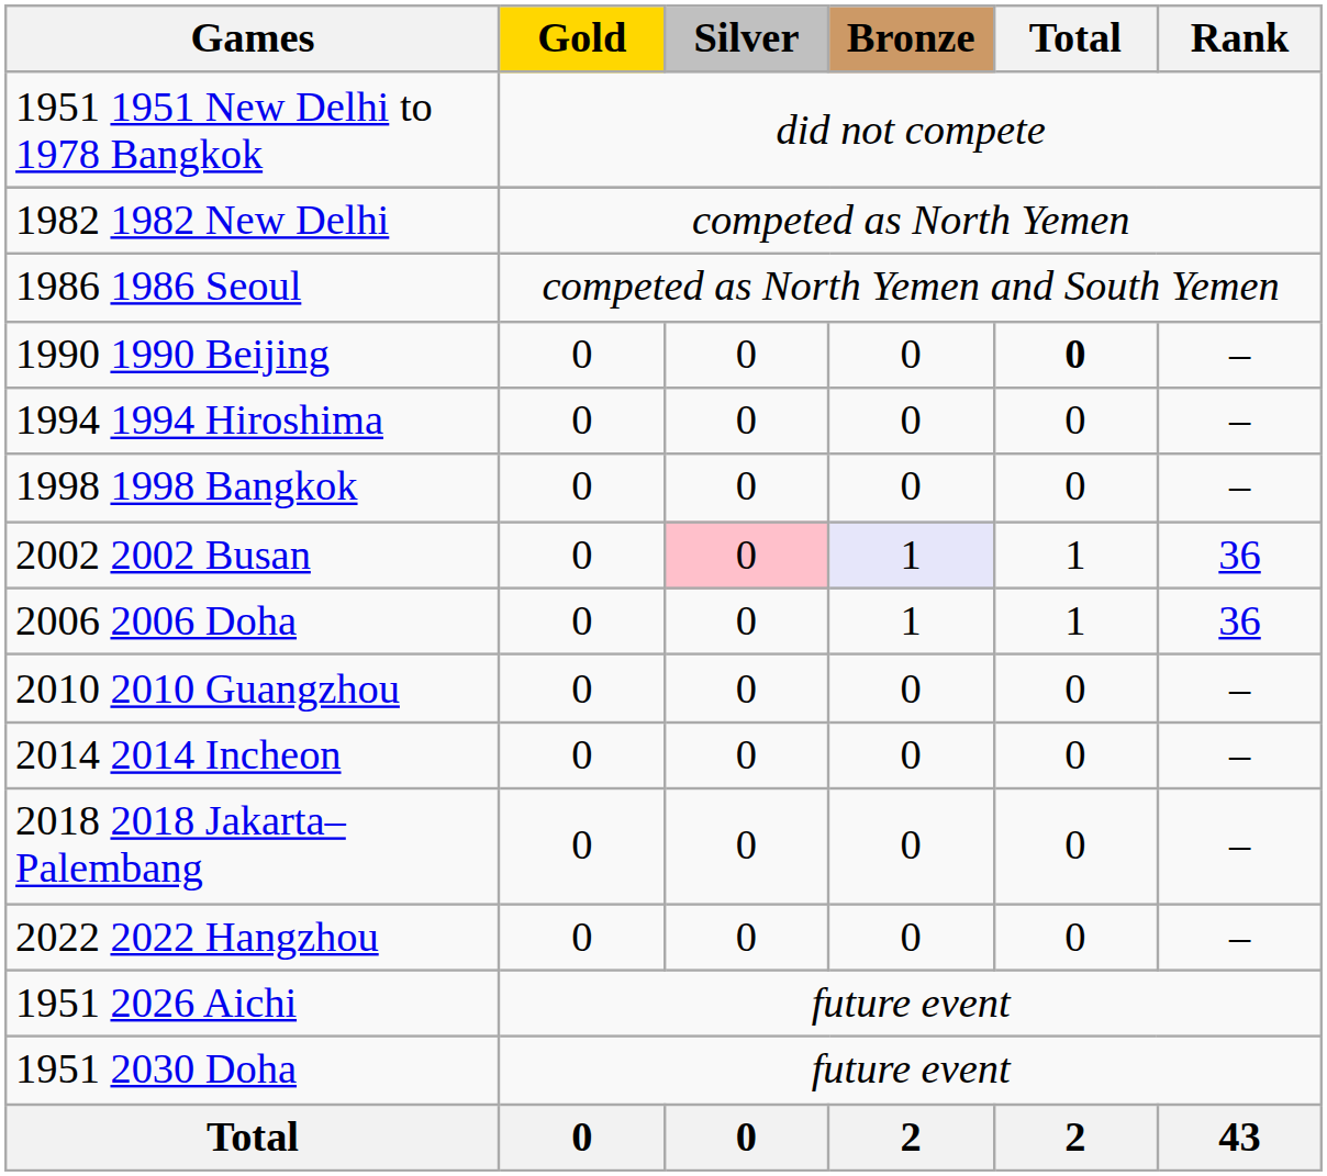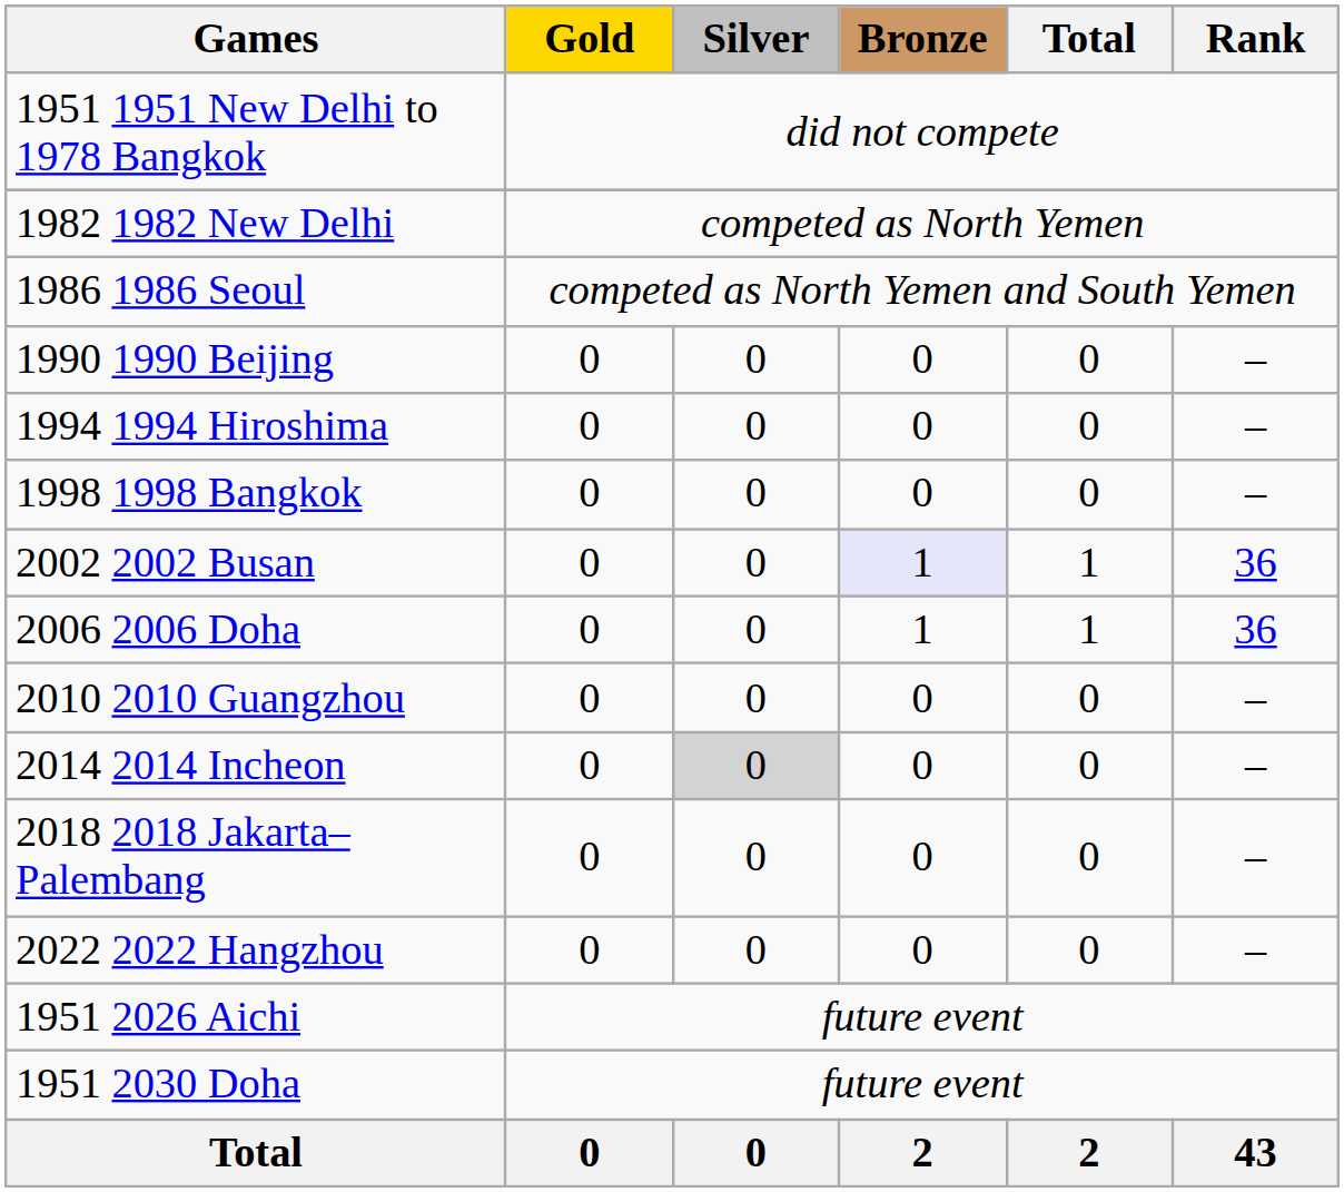 <table class="wikitable sortable" style="text-align:center;">
 <tr>
 <th width=180>Games</th>
 <th scope="col" style="background:gold; width:55px;">Gold</th>
 <th scope="col" style="background:silver; width:55px;">Silver</th>
 <th scope="col" style="background:#cc9966; width:55px;">Bronze</th>
 <th width=55>Total</th>
 <th width=55>Rank</th>
 </tr>
 <tr>
 <td align=left><span>1951</span> <a href='#'>1951 New Delhi</a> to  <a href='#'>1978 Bangkok</a></td>
 <td colspan=5><em>did not compete</em></td>
 </tr>
 <tr class="sortbottom">
 </tr>
 <tr>
 <td align=left><span>1982</span> <a href='#'>1982 New Delhi</a></td>
 <td colspan=5><em>competed as  North Yemen</em></td>
 </tr>
 <tr>
 <td align=left><span>1986</span> <a href='#'>1986 Seoul</a></td>
 <td colspan=5><em>competed as  North Yemen and  South Yemen</em></td>
 </tr>
 <tr>
 <td align=left><span>1990</span> <a href='#'>1990 Beijing</a></td>
 <td>0</td>
 <td>0</td>
 <td>0</td>
-<td><strong>0</strong></td>
+<td>0</td>
 <td>–</td>
 </tr>
 <tr>
 <td align=left><span>1994</span> <a href='#'>1994 Hiroshima</a></td>
 <td>0</td>
 <td>0</td>
 <td>0</td>
 <td>0</td>
 <td>–</td>
 </tr>
 <tr>
 <td align=left><span>1998</span> <a href='#'>1998 Bangkok</a></td>
 <td>0</td>
 <td>0</td>
 <td>0</td>
 <td>0</td>
 <td>–</td>
 </tr>
 <tr>
 <td align=left><span>2002</span> <a href='#'>2002 Busan</a></td>
 <td>0</td>
-<td style="background: pink;">0</td>
+<td>0</td>
 <td style="background: lavender;">1</td>
 <td>1</td>
 <td><a href='#'>36</a></td>
 </tr>
 <tr>
 <td align=left><span>2006</span> <a href='#'>2006 Doha</a></td>
 <td>0</td>
 <td>0</td>
 <td>1</td>
 <td>1</td>
 <td><a href='#'>36</a></td>
 </tr>
 <tr>
 <td align=left><span>2010</span> <a href='#'>2010 Guangzhou</a></td>
 <td>0</td>
 <td>0</td>
 <td>0</td>
 <td>0</td>
 <td>–</td>
 </tr>
 <tr>
 <td align=left><span>2014</span> <a href='#'>2014 Incheon</a></td>
 <td>0</td>
-<td>0</td>
+<td style="background: lightgrey;">0</td>
 <td>0</td>
 <td>0</td>
 <td>–</td>
 </tr>
 <tr>
 <td align=left><span>2018</span> <a href='#'>2018 Jakarta–Palembang</a></td>
 <td>0</td>
 <td>0</td>
 <td>0</td>
 <td>0</td>
 <td>–</td>
 </tr>
 <tr>
 <td align=left><span>2022</span> <a href='#'>2022 Hangzhou</a></td>
 <td>0</td>
 <td>0</td>
 <td>0</td>
 <td>0</td>
 <td>–</td>
 </tr>
 <tr>
 <td align=left><span>1951</span> <a href='#'>2026 Aichi</a></td>
 <td colspan=5><em>future event</em></td>
 </tr>
 <tr>
 <td align=left><span>1951</span> <a href='#'>2030 Doha</a></td>
 <td colspan=5><em>future event</em></td>
 </tr>
 <tr class="sortbottom">
 <th>Total</th>
 <th>0</th>
 <th>0</th>
 <th>2</th>
 <th>2</th>
 <th>43</th>
 </tr>
 </table>
